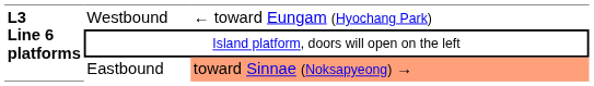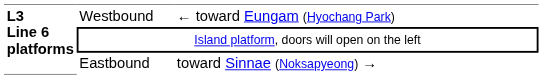 <table table border=0 cellspacing=0 cellpadding=3>
 <tr>
 <td style="border-top:solid 1px gray;border-bottom:solid 1px gray;" width=50 rowspan=10 valign=top><strong>L3<br>Line 6 platforms</strong></td>
 <td style="border-bottom:solid 0px gray;border-top:solid 1px gray;" width=100>Westbound</td>
 <td style="border-bottom:solid 0px gray;border-top:solid 1px gray;" width=390>←  toward <a href='#'>Eungam</a> <small>(<a href='#'>Hyochang Park</a>)</small></td>
 </tr>
 <tr>
 <td style="border-top:solid 2px black;border-right:solid 2px black;border-left:solid 2px black;border-bottom:solid 2px black;text-align:center;" colspan=2><small><a href='#'>Island platform</a>, doors will open on the left </small></td>
 </tr>
 <tr>
 <td>Eastbound</td>
-<td style="background: lightsalmon;">  toward <a href='#'>Sinnae</a> <small>(<a href='#'>Noksapyeong</a>)</small> →</td>
+<td>  toward <a href='#'>Sinnae</a> <small>(<a href='#'>Noksapyeong</a>)</small> →</td>
 </tr>
 </table>
